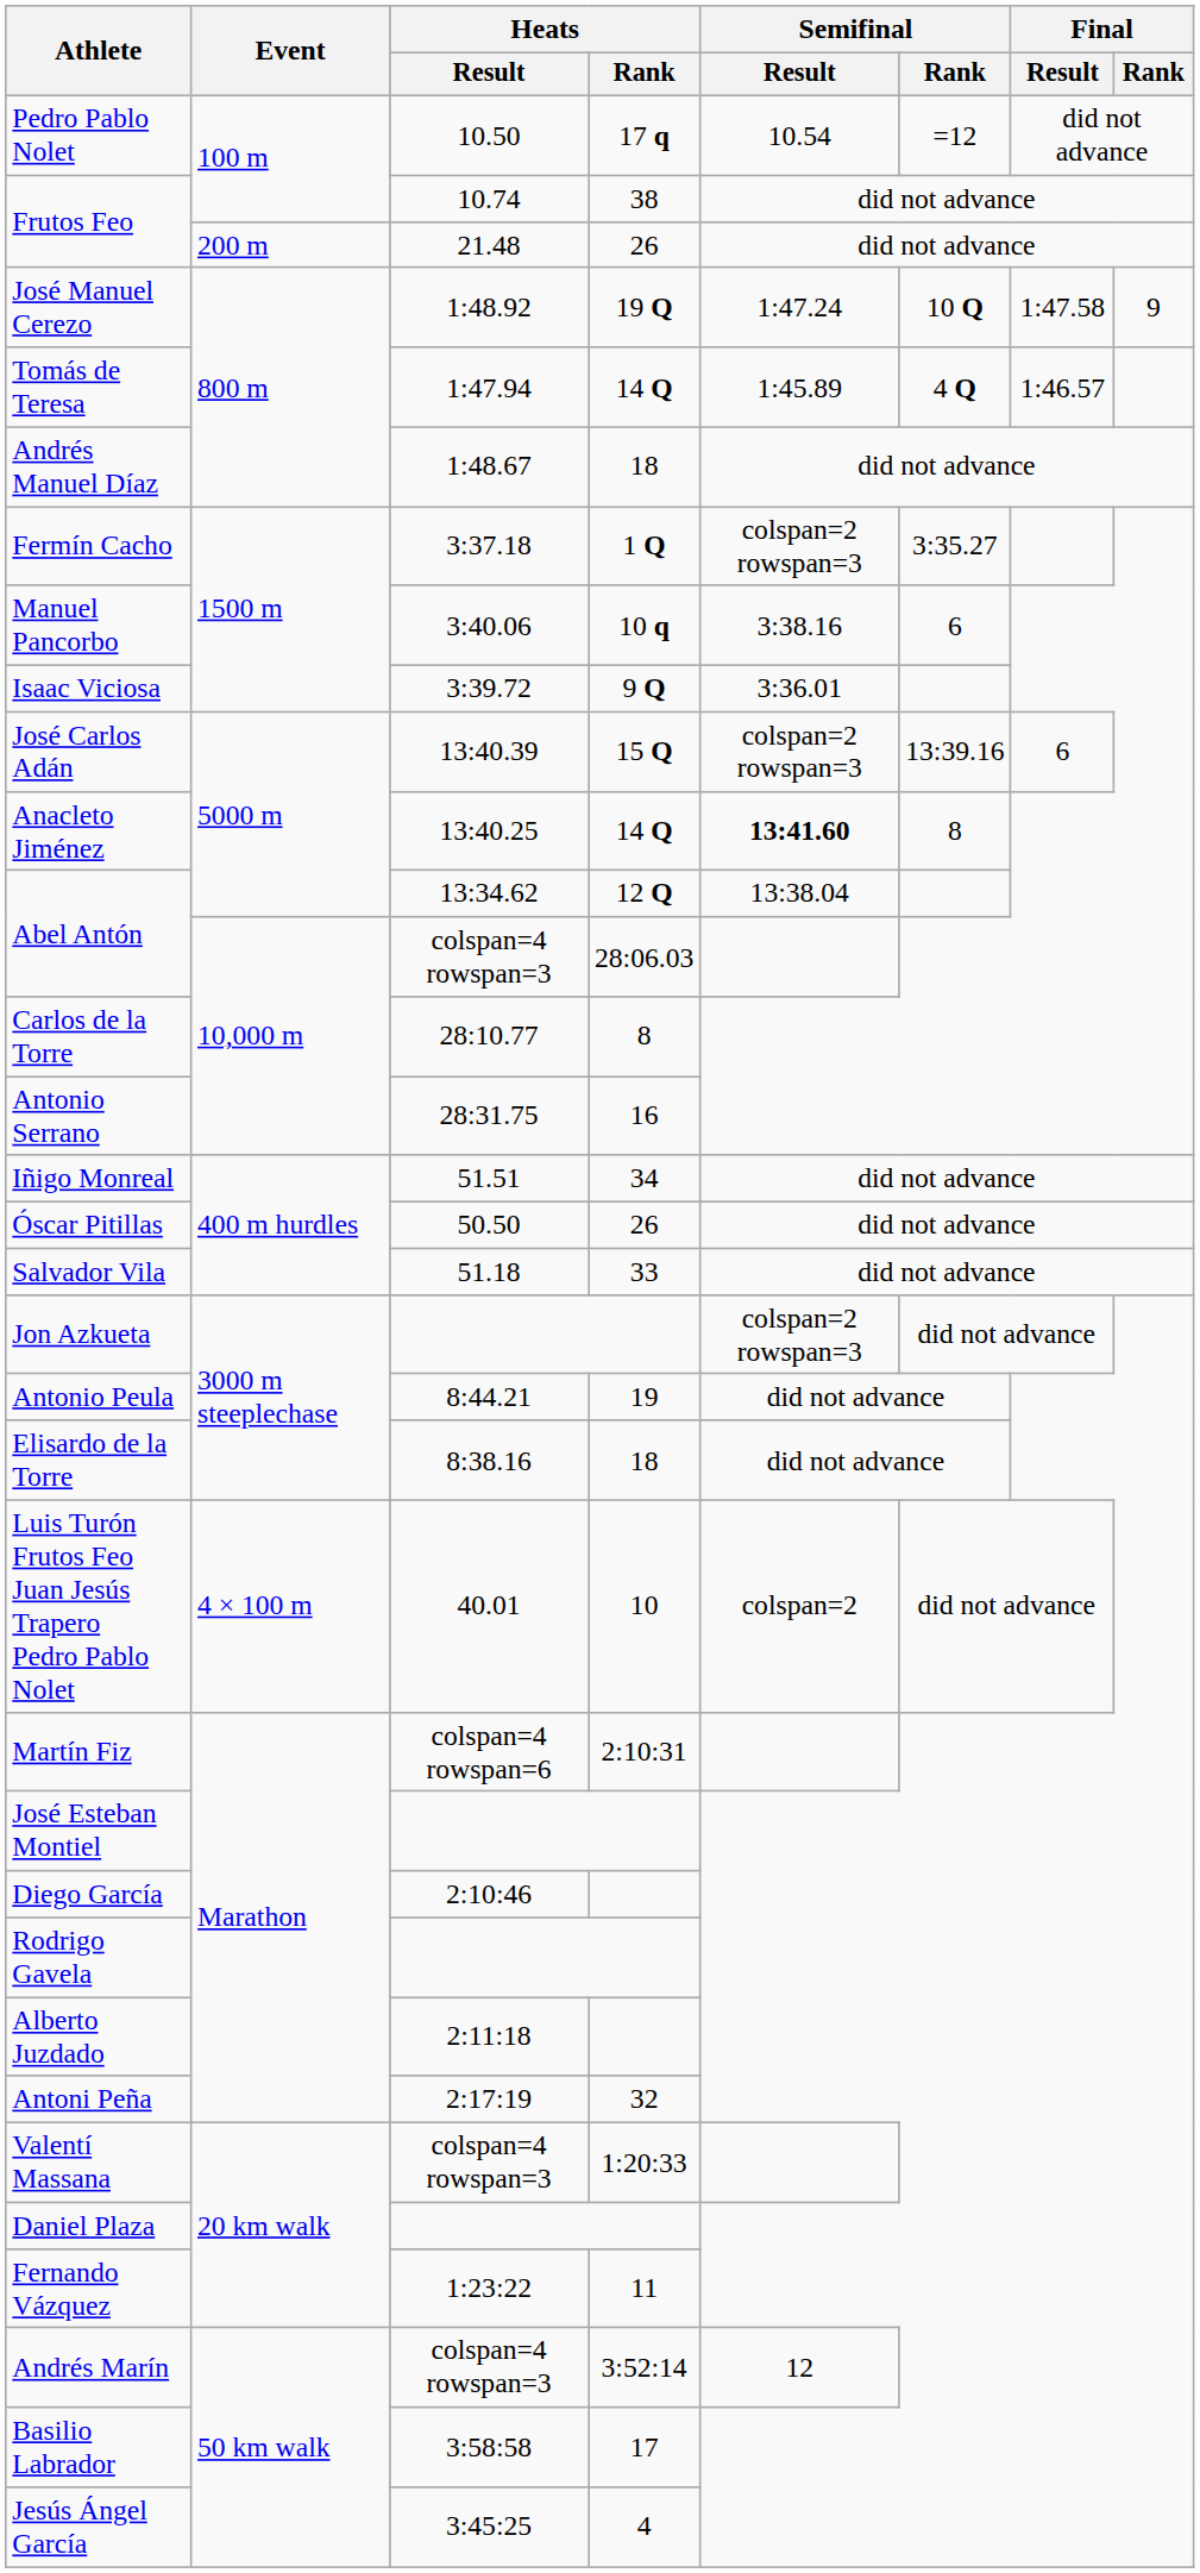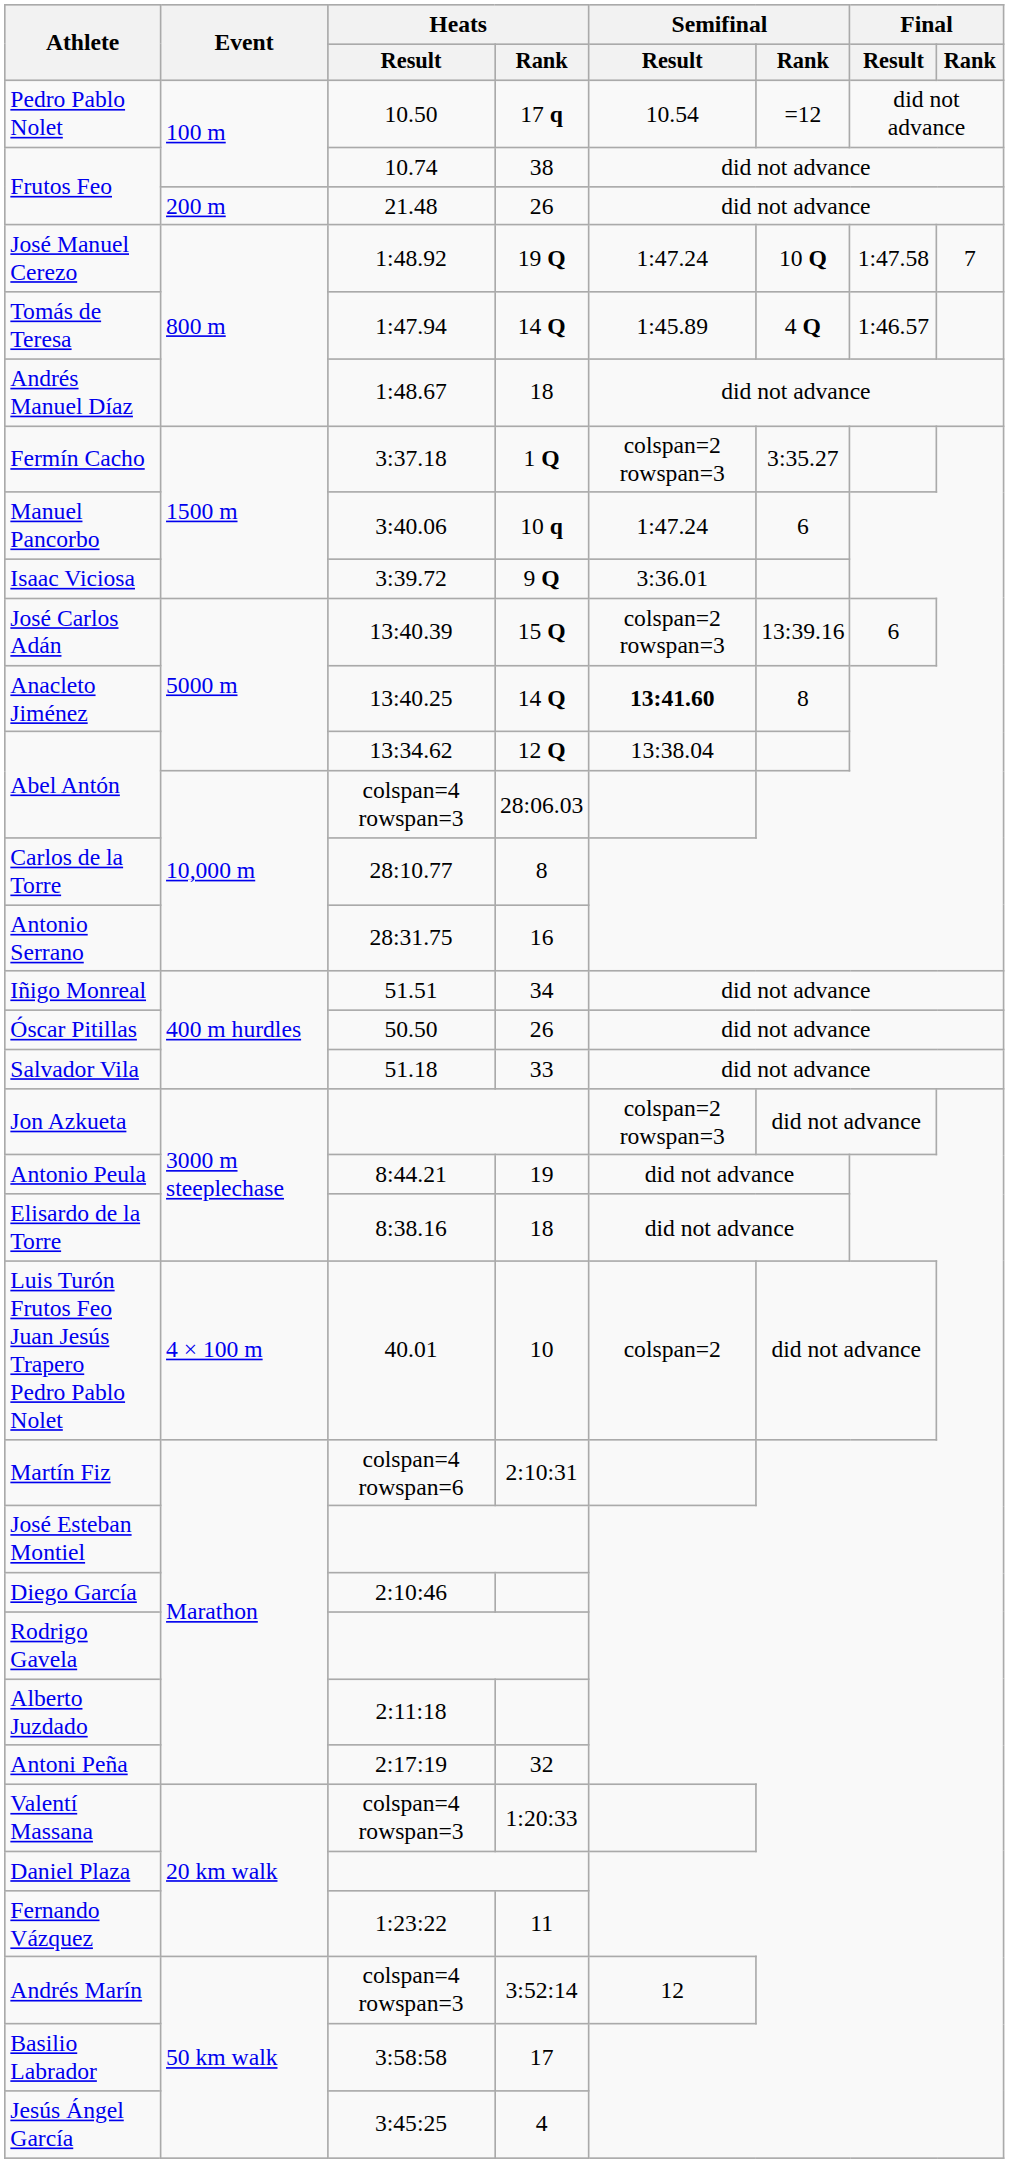 <table class="wikitable" style="font-size:90%">
 <tr>
 <th rowspan="2">Athlete</th>
 <th rowspan="2">Event</th>
 <th colspan="2">Heats</th>
 <th colspan="2">Semifinal</th>
 <th colspan="2">Final</th>
 </tr>
 <tr style="font-size:95%">
 <th>Result</th>
 <th>Rank</th>
 <th>Result</th>
 <th>Rank</th>
 <th>Result</th>
 <th>Rank</th>
 </tr>
 <tr align=center>
 <td align=left><a href='#'>Pedro Pablo Nolet</a></td>
 <td align=left rowspan=2><a href='#'>100 m</a></td>
 <td>10.50</td>
 <td>17 <strong>q</strong></td>
 <td>10.54</td>
 <td>=12</td>
 <td colspan=2>did not advance</td>
 </tr>
 <tr align=center>
 <td align=left rowspan=2><a href='#'>Frutos Feo</a></td>
 <td>10.74</td>
 <td>38</td>
 <td colspan=4>did not advance</td>
 </tr>
 <tr align=center>
 <td align=left><a href='#'>200 m</a></td>
 <td>21.48</td>
 <td>26</td>
 <td colspan=4>did not advance</td>
 </tr>
 <tr align=center>
 <td align=left><a href='#'>José Manuel Cerezo</a></td>
 <td align=left rowspan=3><a href='#'>800 m</a></td>
 <td>1:48.92</td>
 <td>19 <strong>Q</strong></td>
 <td>1:47.24</td>
 <td>10 <strong>Q</strong></td>
 <td>1:47.58</td>
-<td>9</td>
+<td>7</td>
 </tr>
 <tr align=center>
 <td align=left><a href='#'>Tomás de Teresa</a></td>
 <td>1:47.94</td>
 <td>14 <strong>Q</strong></td>
 <td>1:45.89</td>
 <td>4 <strong>Q</strong></td>
 <td>1:46.57</td>
 <td></td>
 </tr>
 <tr align=center>
 <td align=left><a href='#'>Andrés Manuel Díaz</a></td>
 <td>1:48.67</td>
 <td>18</td>
 <td colspan=4>did not advance</td>
 </tr>
 <tr align=center>
 <td align=left><a href='#'>Fermín Cacho</a></td>
 <td align=left rowspan=3><a href='#'>1500 m</a></td>
 <td>3:37.18</td>
 <td>1 <strong>Q</strong></td>
 <td>colspan=2 rowspan=3 </td>
 <td>3:35.27</td>
 <td></td>
 </tr>
 <tr align=center>
 <td align=left><a href='#'>Manuel Pancorbo</a></td>
 <td>3:40.06</td>
 <td>10 <strong>q</strong></td>
-<td>3:38.16</td>
+<td>1:47.24</td>
 <td>6</td>
 </tr>
 <tr align=center>
 <td align=left><a href='#'>Isaac Viciosa</a></td>
 <td>3:39.72</td>
 <td>9 <strong>Q</strong></td>
 <td>3:36.01</td>
 <td></td>
 </tr>
 <tr align=center>
 <td align=left><a href='#'>José Carlos Adán</a></td>
 <td align=left rowspan=3><a href='#'>5000 m</a></td>
 <td>13:40.39</td>
 <td>15 <strong>Q</strong></td>
 <td>colspan=2 rowspan=3 </td>
 <td>13:39.16</td>
 <td>6</td>
 </tr>
 <tr align=center>
 <td align=left><a href='#'>Anacleto Jiménez</a></td>
 <td>13:40.25</td>
 <td>14 <strong>Q</strong></td>
 <td><strong>13:41.60</strong></td>
 <td>8</td>
 </tr>
 <tr align=center>
 <td align=left rowspan=2><a href='#'>Abel Antón</a></td>
 <td>13:34.62</td>
 <td>12 <strong>Q</strong></td>
 <td>13:38.04</td>
 <td></td>
 </tr>
 <tr align=center>
 <td align=left rowspan=3><a href='#'>10,000 m</a></td>
 <td>colspan=4 rowspan=3 </td>
 <td>28:06.03</td>
 <td></td>
 </tr>
 <tr align=center>
 <td align=left><a href='#'>Carlos de la Torre</a></td>
 <td>28:10.77</td>
 <td>8</td>
 </tr>
 <tr align=center>
 <td align=left><a href='#'>Antonio Serrano</a></td>
 <td>28:31.75</td>
 <td>16</td>
 </tr>
 <tr align=center>
 <td align=left><a href='#'>Iñigo Monreal</a></td>
 <td align=left rowspan=3><a href='#'>400 m hurdles</a></td>
 <td>51.51</td>
 <td>34</td>
 <td colspan=4>did not advance</td>
 </tr>
 <tr align=center>
 <td align=left><a href='#'>Óscar Pitillas</a></td>
 <td>50.50</td>
 <td>26</td>
 <td colspan=4>did not advance</td>
 </tr>
 <tr align=center>
 <td align=left><a href='#'>Salvador Vila</a></td>
 <td>51.18</td>
 <td>33</td>
 <td colspan=4>did not advance</td>
 </tr>
 <tr align=center>
 <td align=left><a href='#'>Jon Azkueta</a></td>
 <td align=left rowspan=3><a href='#'>3000 m steeplechase</a></td>
 <td colspan=2></td>
 <td>colspan=2 rowspan=3 </td>
 <td colspan=2>did not advance</td>
 </tr>
 <tr align=center>
 <td align=left><a href='#'>Antonio Peula</a></td>
 <td>8:44.21</td>
 <td>19</td>
 <td colspan=2>did not advance</td>
 </tr>
 <tr align=center>
 <td align=left><a href='#'>Elisardo de la Torre</a></td>
 <td>8:38.16</td>
 <td>18</td>
 <td colspan=2>did not advance</td>
 </tr>
 <tr align=center>
 <td align=left><a href='#'>Luis Turón</a><br><a href='#'>Frutos Feo</a><br><a href='#'>Juan Jesús Trapero</a><br><a href='#'>Pedro Pablo Nolet</a></td>
 <td align=left><a href='#'>4 × 100 m</a></td>
 <td>40.01</td>
 <td>10</td>
 <td>colspan=2 </td>
 <td colspan=2>did not advance</td>
 </tr>
 <tr align=center>
 <td align=left><a href='#'>Martín Fiz</a></td>
 <td align=left rowspan=6><a href='#'>Marathon</a></td>
 <td>colspan=4 rowspan=6 </td>
 <td>2:10:31</td>
 <td></td>
 </tr>
 <tr align=center>
 <td align=left><a href='#'>José Esteban Montiel</a></td>
 <td colspan=2></td>
 </tr>
 <tr align=center>
 <td align=left><a href='#'>Diego García</a></td>
 <td>2:10:46</td>
 <td></td>
 </tr>
 <tr align=center>
 <td align=left><a href='#'>Rodrigo Gavela</a></td>
 <td colspan=2></td>
 </tr>
 <tr align=center>
 <td align=left><a href='#'>Alberto Juzdado</a></td>
 <td>2:11:18</td>
 <td></td>
 </tr>
 <tr align=center>
 <td align=left><a href='#'>Antoni Peña</a></td>
 <td>2:17:19</td>
 <td>32</td>
 </tr>
 <tr align=center>
 <td align=left><a href='#'>Valentí Massana</a></td>
 <td align=left rowspan=3><a href='#'>20 km walk</a></td>
 <td>colspan=4 rowspan=3 </td>
 <td>1:20:33</td>
 <td></td>
 </tr>
 <tr align=center>
 <td align=left><a href='#'>Daniel Plaza</a></td>
 <td colspan=2></td>
 </tr>
 <tr align=center>
 <td align=left><a href='#'>Fernando Vázquez</a></td>
 <td>1:23:22</td>
 <td>11</td>
 </tr>
 <tr align=center>
 <td align=left><a href='#'>Andrés Marín</a></td>
 <td align=left rowspan=3><a href='#'>50 km walk</a></td>
 <td>colspan=4 rowspan=3 </td>
 <td>3:52:14</td>
 <td>12</td>
 </tr>
 <tr align=center>
 <td align=left><a href='#'>Basilio Labrador</a></td>
 <td>3:58:58</td>
 <td>17</td>
 </tr>
 <tr align=center>
 <td align=left><a href='#'>Jesús Ángel García</a></td>
 <td>3:45:25</td>
 <td>4</td>
 </tr>
 </table>
